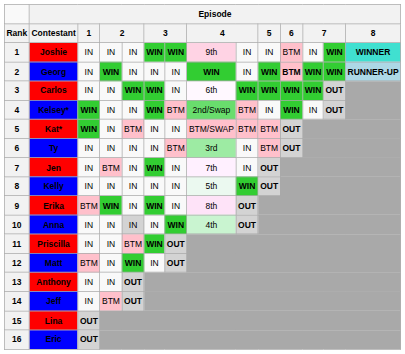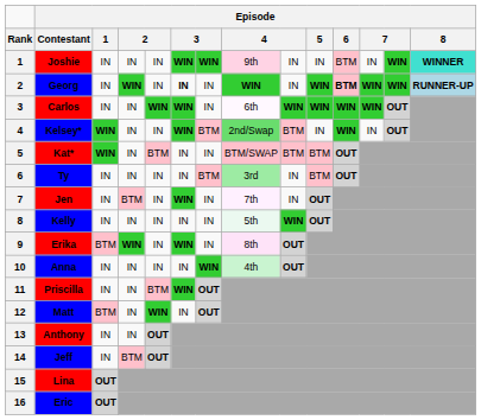 <table class="wikitable" style="text-align: center; font-size: 8.5pt; line-height:20px;">
 <tr>
 <td></td>
 <th colspan=15>Episode</th>
 </tr>
 <tr>
 <th>Rank</th>
 <th>Contestant</th>
 <th>1</th>
 <th colspan=2>2</th>
 <th colspan=2>3</th>
 <th colspan=2>4</th>
 <th>5</th>
 <th>6</th>
 <th colspan=2>7</th>
 <th colspan=2>8</th>
 </tr>
 <tr>
 <th>1</th>
 <td style="background:red"><span><strong>Joshie</strong></span></td>
 <td>IN</td>
 <td>IN</td>
 <td>IN</td>
 <td style="background:limegreen;"><strong>WIN</strong></td>
 <td style="background:limegreen;"><strong>WIN</strong></td>
 <td style="background:#FFD3E4;">9th</td>
 <td>IN</td>
 <td>IN</td>
 <td style="background:pink;">BTM</td>
 <td>IN</td>
 <td style="background:limegreen;"><strong>WIN</strong></td>
 <td style="background:turquoise;"><strong>WINNER</strong></td>
 </tr>
 <tr>
 <th>2</th>
 <td style="background:blue"><span><strong>Georg</strong></span></td>
 <td>IN</td>
 <td style="background:limegreen;"><strong>WIN</strong></td>
 <td>IN</td>
-<td>IN</td>
+<td><strong>IN</strong></td>
 <td>IN</td>
 <td style="background:limegreen;"><strong>WIN</strong></td>
 <td>IN</td>
 <td style="background:limegreen;"><strong>WIN</strong></td>
 <td style="background:pink;"><strong>BTM</strong></td>
 <td style="background:limegreen;"><strong>WIN</strong></td>
 <td style="background:limegreen;"><strong>WIN</strong></td>
 <td style="background:lightblue;"><strong>RUNNER-UP</strong></td>
 </tr>
 <tr>
 <th>3</th>
 <td style="background:red"><span><strong>Carlos</strong></span></td>
 <td>IN</td>
 <td>IN</td>
 <td style="background:limegreen;"><strong>WIN</strong></td>
 <td style="background:limegreen;"><strong>WIN</strong></td>
 <td>IN</td>
 <td style="background:#FFF8FF;">6th</td>
 <td style="background:limegreen;"><strong>WIN</strong></td>
 <td style="background:limegreen;"><strong>WIN</strong></td>
 <td style="background:limegreen;"><strong>WIN</strong></td>
 <td style="background:limegreen;"><strong>WIN</strong></td>
 <td style="background:lightgrey;"><strong>OUT</strong></td>
 <td style="background:darkgrey;"></td>
 </tr>
 <tr>
 <th>4</th>
 <td style="background:blue"><span><strong>Kelsey*</strong></span></td>
 <td style="background:limegreen;"><strong>WIN</strong></td>
 <td>IN</td>
 <td>IN</td>
 <td style="background:limegreen;"><strong>WIN</strong></td>
 <td style="background:pink;">BTM</td>
 <td style="background:#69DD6D;">2nd/Swap</td>
 <td style="background:pink;">BTM</td>
 <td>IN</td>
 <td style="background:limegreen;"><strong>WIN</strong></td>
 <td>IN</td>
 <td style="background:lightgrey;"><strong>OUT</strong></td>
 <td colspan="2" style="background:darkgrey;"></td>
 </tr>
 <tr>
 <th>5</th>
 <td style="background:red"><span><strong>Kat*</strong></span></td>
 <td style="background:limegreen;"><strong>WIN</strong></td>
 <td>IN</td>
 <td style="background:pink;">BTM</td>
 <td>IN</td>
 <td>IN</td>
 <td style="background:pink;">BTM/SWAP</td>
 <td style="background:pink;">BTM</td>
 <td style="background:pink;">BTM</td>
 <td style="background:lightgrey;"><strong>OUT</strong></td>
 <td colspan="3" style="background:darkgrey;"></td>
 </tr>
 <tr>
 <th>6</th>
 <td style="background:blue"><span><strong>Ty</strong></span></td>
 <td>IN</td>
 <td>IN</td>
 <td>IN</td>
 <td>IN</td>
 <td style="background:pink;">BTM</td>
 <td style="background:#9DEBA3;">3rd</td>
 <td>IN</td>
 <td style="background:pink;">BTM</td>
 <td style="background:lightgrey;"><strong>OUT</strong></td>
 <td colspan="3" style="background:darkgrey;"></td>
 </tr>
 <tr>
 <th>7</th>
 <td style="background:red"><span><strong>Jen</strong></span></td>
 <td>IN</td>
 <td style="background:pink;">BTM</td>
 <td>IN</td>
 <td style="background:limegreen;"><strong>WIN</strong></td>
 <td>IN</td>
 <td style="background:#FFF0FF;">7th</td>
 <td>IN</td>
 <td style="background:lightgrey;"><strong>OUT</strong></td>
 <td colspan="4" style="background:darkgrey;"></td>
 </tr>
 <tr>
 <th>8</th>
 <td style="background:blue"><span><strong>Kelly</strong></span></td>
 <td>IN</td>
 <td>IN</td>
 <td>IN</td>
 <td>IN</td>
 <td>IN</td>
 <td style="background:#EBF9F0;">5th</td>
 <td style="background:limegreen;"><strong>WIN</strong></td>
 <td style="background:lightgrey;"><strong>OUT</strong></td>
 <td colspan="4" style="background:darkgrey;"></td>
 </tr>
 <tr>
 <th>9</th>
 <td style="background:red"><span><strong>Erika</strong></span></td>
 <td style="background:pink;">BTM</td>
 <td style="background:limegreen;"><strong>WIN</strong></td>
 <td>IN</td>
 <td style="background:limegreen;"><strong>WIN</strong></td>
 <td>IN</td>
 <td style="background:#FEE3F8;">8th</td>
 <td style="background:lightgrey;"><strong>OUT</strong></td>
 <td colspan="5" style="background:darkgrey;"></td>
 </tr>
 <tr>
 <th>10</th>
 <td style="background:blue"><span><strong>Anna</strong></span></td>
 <td>IN</td>
 <td>IN</td>
-<td style="background: lightgrey;">IN</td>
+<td>IN</td>
 <td>IN</td>
 <td style="background:limegreen;"><strong>WIN</strong></td>
 <td style="background:#C9F4D0;">4th</td>
 <td style="background:lightgrey;"><strong>OUT</strong></td>
 <td colspan="5" style="background:darkgrey;"></td>
 </tr>
 <tr>
 <th>11</th>
 <td style="background:red"><span><strong>Priscilla</strong></span></td>
 <td>IN</td>
 <td>IN</td>
 <td style="background:pink;">BTM</td>
 <td style="background:limegreen;"><strong>WIN</strong></td>
 <td style="background:lightgrey;"><strong>OUT</strong></td>
 <td colspan="9" style="background:darkgrey;"></td>
 </tr>
 <tr>
 <th>12</th>
 <td style="background:blue"><span><strong>Matt</strong></span></td>
 <td style="background:pink;">BTM</td>
 <td>IN</td>
 <td style="background:limegreen;"><strong>WIN</strong></td>
 <td>IN</td>
 <td style="background:lightgrey;"><strong>OUT</strong></td>
 <td colspan="9" style="background:darkgrey;"></td>
 </tr>
 <tr>
 <th>13</th>
 <td style="background:red"><span><strong>Anthony</strong></span></td>
 <td>IN</td>
 <td>IN</td>
 <td style="background:lightgrey;"><strong>OUT</strong></td>
 <td colspan="11" style="background:darkgrey;"></td>
 </tr>
 <tr>
 <th>14</th>
 <td style="background:blue"><span><strong>Jeff</strong></span></td>
 <td>IN</td>
 <td style="background:pink;">BTM</td>
 <td style="background:lightgrey;"><strong>OUT</strong></td>
 <td colspan="11" style="background:darkgrey;"></td>
 </tr>
 <tr>
 <th>15</th>
 <td style="background:red"><span><strong>Lina</strong></span></td>
 <td style="background:lightgrey;"><strong>OUT</strong></td>
 <td colspan="13" style="background:darkgrey;"></td>
 </tr>
 <tr>
 <th>16</th>
 <td style="background:blue"><span><strong>Eric</strong></span></td>
 <td style="background:lightgrey;"><strong>OUT</strong></td>
 <td colspan="13" style="background:darkgrey;"></td>
 </tr>
 </table>
